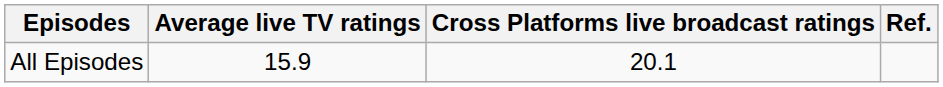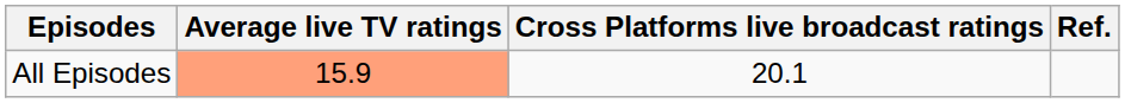 <table class="wikitable" style="text-align:center">
 <tr>
 <th>Episodes</th>
 <th>Average live TV ratings</th>
 <th>Cross Platforms live broadcast ratings</th>
 <th>Ref.</th>
 </tr>
 <tr>
 <td>All Episodes</td>
-<td>15.9</td>
+<td style="background: lightsalmon;">15.9</td>
 <td>20.1</td>
 <td></td>
 </tr>
 </table>
